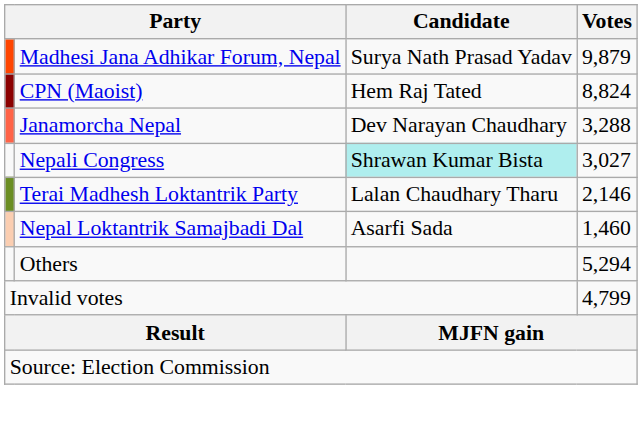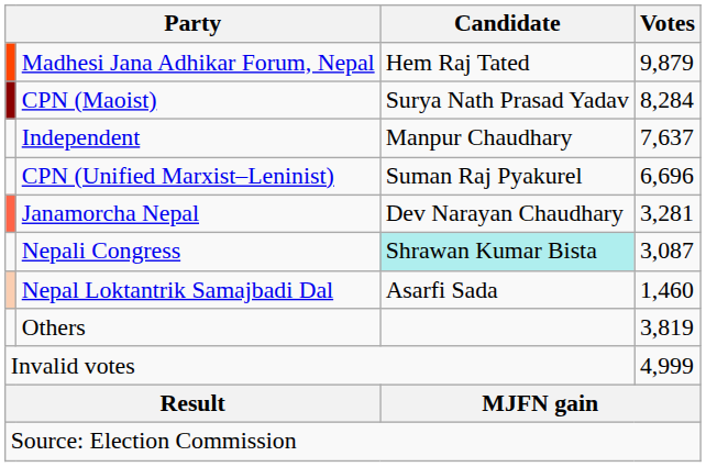 <table class="wikitable">
 <tr>
 <th colspan="2">Party</th>
 <th>Candidate</th>
 <th>Votes</th>
 </tr>
 <tr>
 <td style="background-color:orangered"></td>
 <td><a href='#'>Madhesi Jana Adhikar Forum, Nepal</a></td>
-<td>Surya Nath Prasad Yadav</td>
+<td>Hem Raj Tated</td>
 <td>9,879</td>
 </tr>
 <tr>
 <td style="background-color:darkred"></td>
 <td><a href='#'>CPN (Maoist)</a></td>
-<td>Hem Raj Tated</td>
-<td>8,824</td>
+<td>Surya Nath Prasad Yadav</td>
+<td>8,284</td>
+</tr>
+<tr>
+<td style="background-color:"></td>
+<td><a href='#'>Independent</a></td>
+<td>Manpur Chaudhary</td>
+<td>7,637</td>
+</tr>
+<tr>
+<td style="background-color:"></td>
+<td><a href='#'>CPN (Unified Marxist–Leninist)</a></td>
+<td>Suman Raj Pyakurel</td>
+<td>6,696</td>
 </tr>
 <tr>
 <td style="background-color:tomato"></td>
 <td><a href='#'>Janamorcha Nepal</a></td>
 <td>Dev Narayan Chaudhary</td>
-<td>3,288</td>
+<td>3,281</td>
 </tr>
 <tr>
 <td style="background-color:"></td>
 <td><a href='#'>Nepali Congress</a></td>
 <td style="background: paleturquoise;">Shrawan Kumar Bista</td>
-<td>3,027</td>
-</tr>
-<tr>
-<td style="background-color:olivedrab"></td>
-<td><a href='#'>Terai Madhesh Loktantrik Party</a></td>
-<td>Lalan Chaudhary Tharu</td>
-<td>2,146</td>
+<td>3,087</td>
 </tr>
 <tr>
 <td style="background-color:#fbceb1"></td>
 <td><a href='#'>Nepal Loktantrik Samajbadi Dal</a></td>
 <td>Asarfi Sada</td>
 <td>1,460</td>
 </tr>
 <tr>
 <td></td>
 <td>Others</td>
 <td></td>
-<td>5,294</td>
+<td>3,819</td>
 </tr>
 <tr>
 <td colspan="3">Invalid votes</td>
-<td>4,799</td>
+<td>4,999</td>
 </tr>
 <tr>
 <th colspan="2">Result</th>
 <th colspan="2">MJFN gain</th>
 </tr>
 <tr>
 <td colspan="4">Source: Election Commission</td>
 </tr>
 </table>
